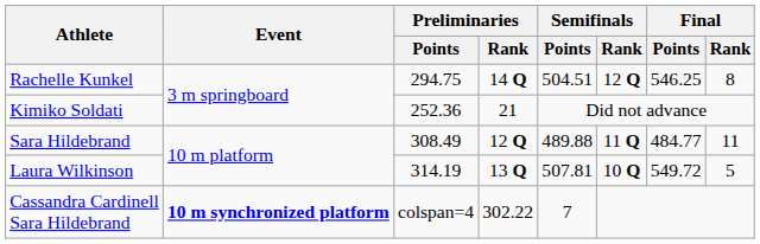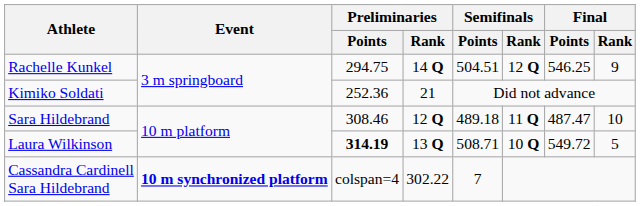 <table class=wikitable style=font-size:90%;text-align:center>
 <tr>
 <th rowspan=2>Athlete</th>
 <th rowspan=2>Event</th>
 <th colspan=2>Preliminaries</th>
 <th colspan=2>Semifinals</th>
 <th colspan=2>Final</th>
 </tr>
 <tr style=font-size:95%>
 <th>Points</th>
 <th>Rank</th>
 <th>Points</th>
 <th>Rank</th>
 <th>Points</th>
 <th>Rank</th>
 </tr>
 <tr>
 <td align=left><a href='#'>Rachelle Kunkel</a></td>
 <td align=left rowspan=2><a href='#'>3 m springboard</a></td>
 <td>294.75</td>
 <td>14 <strong>Q</strong></td>
 <td>504.51</td>
 <td>12 <strong>Q</strong></td>
 <td>546.25</td>
-<td>8</td>
+<td>9</td>
 </tr>
 <tr>
 <td align=left><a href='#'>Kimiko Soldati</a></td>
 <td>252.36</td>
 <td>21</td>
 <td colspan=4>Did not advance</td>
 </tr>
 <tr>
 <td align=left><a href='#'>Sara Hildebrand</a></td>
 <td align=left rowspan=2><a href='#'>10 m platform</a></td>
-<td>308.49</td>
+<td>308.46</td>
 <td>12 <strong>Q</strong></td>
-<td>489.88</td>
+<td>489.18</td>
 <td>11 <strong>Q</strong></td>
-<td>484.77</td>
-<td>11</td>
+<td>487.47</td>
+<td>10</td>
 </tr>
 <tr>
 <td align=left><a href='#'>Laura Wilkinson</a></td>
-<td>314.19</td>
+<td><strong>314.19</strong></td>
 <td>13 <strong>Q</strong></td>
-<td>507.81</td>
+<td>508.71</td>
 <td>10 <strong>Q</strong></td>
 <td>549.72</td>
 <td>5</td>
 </tr>
 <tr>
 <td align=left><a href='#'>Cassandra Cardinell</a><br><a href='#'>Sara Hildebrand</a></td>
 <td align=left><strong><a href='#'>10 m synchronized platform</a></strong></td>
 <td>colspan=4 </td>
 <td>302.22</td>
 <td>7</td>
 </tr>
 </table>
